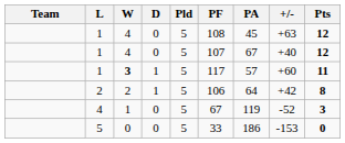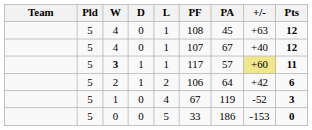 <table class="wikitable" style="text-align:center;">
 <tr>
 <th width="100">Team</th>
-<th width="30">L</th>
+<th width="30">Pld</th>
 <th width="30">W</th>
 <th width="30">D</th>
-<th width="30">Pld</th>
+<th width="30">L</th>
 <th width="40">PF</th>
 <th width="40">PA</th>
 <th width="40">+/-</th>
 <th width="40">Pts</th>
 </tr>
 <tr>
 <td align="left"></td>
-<td>1</td>
+<td>5</td>
 <td>4</td>
 <td>0</td>
-<td>5</td>
+<td>1</td>
 <td>108</td>
 <td>45</td>
 <td>+63</td>
 <td><strong>12</strong></td>
 </tr>
 <tr>
 <td align="left"></td>
-<td>1</td>
+<td>5</td>
 <td>4</td>
 <td>0</td>
-<td>5</td>
+<td>1</td>
 <td>107</td>
 <td>67</td>
 <td>+40</td>
 <td><strong>12</strong></td>
 </tr>
 <tr>
 <td align="left"></td>
-<td>1</td>
+<td>5</td>
 <td><strong>3</strong></td>
 <td>1</td>
-<td>5</td>
+<td>1</td>
 <td>117</td>
 <td>57</td>
-<td>+60</td>
+<td style="background: khaki;">+60</td>
 <td><strong>11</strong></td>
 </tr>
 <tr>
 <td align="left"></td>
-<td>2</td>
+<td>5</td>
 <td>2</td>
 <td>1</td>
-<td>5</td>
+<td>2</td>
 <td>106</td>
 <td>64</td>
 <td>+42</td>
-<td><strong>8</strong></td>
+<td><strong>6</strong></td>
 </tr>
 <tr>
 <td align="left"></td>
-<td>4</td>
+<td>5</td>
 <td>1</td>
 <td>0</td>
-<td>5</td>
+<td>4</td>
 <td>67</td>
 <td>119</td>
 <td>-52</td>
 <td><strong>3</strong></td>
 </tr>
 <tr>
 <td align="left"></td>
 <td>5</td>
 <td>0</td>
 <td>0</td>
 <td>5</td>
 <td>33</td>
 <td>186</td>
 <td>-153</td>
 <td><strong>0</strong></td>
 </tr>
 </table>
